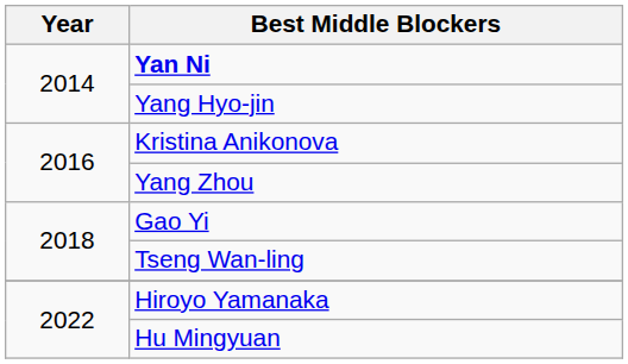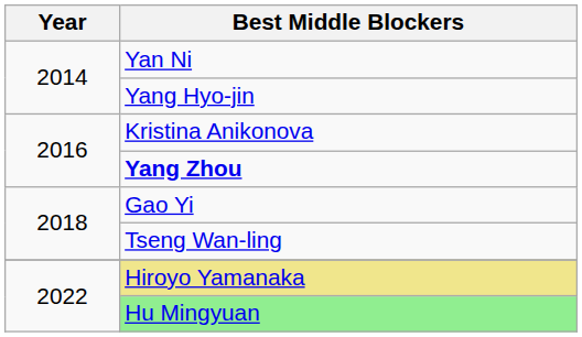 <table class="wikitable" style="width: 400px;">
 <tr>
 <th style="width: 20%;">Year</th>
 <th style="width: 80%;">Best Middle Blockers</th>
 </tr>
 <tr>
 <td align=center rowspan=2>2014</td>
-<td><strong> <a href='#'>Yan Ni</a></strong></td>
+<td> <a href='#'>Yan Ni</a></td>
 </tr>
 <tr>
 <td> <a href='#'>Yang Hyo-jin</a></td>
 </tr>
 <tr>
 <td align=center rowspan=2>2016</td>
 <td> <a href='#'>Kristina Anikonova</a></td>
 </tr>
 <tr>
-<td> <a href='#'>Yang Zhou</a></td>
+<td><strong> <a href='#'>Yang Zhou</a></strong></td>
 </tr>
 <tr>
 <td align=center rowspan=2>2018</td>
 <td> <a href='#'>Gao Yi</a></td>
 </tr>
 <tr>
 <td> <a href='#'>Tseng Wan-ling</a></td>
 </tr>
 <tr>
 </tr>
 <tr>
 <td align=center rowspan=2>2022</td>
-<td> <a href='#'>Hiroyo Yamanaka</a></td>
+<td style="background: khaki;"> <a href='#'>Hiroyo Yamanaka</a></td>
 </tr>
 <tr>
-<td> <a href='#'>Hu Mingyuan</a></td>
+<td style="background: lightgreen;"> <a href='#'>Hu Mingyuan</a></td>
 </tr>
 </table>
